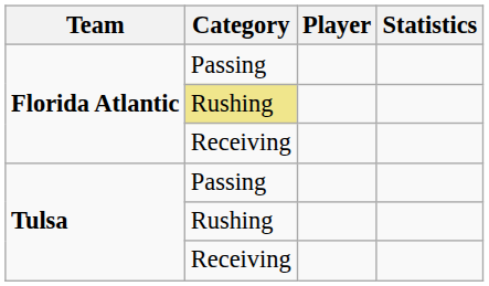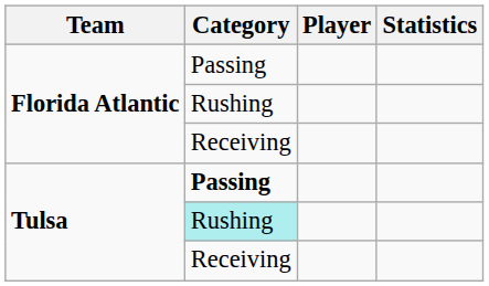 <table class="wikitable" style="float: right;">
 <tr>
 <th>Team</th>
 <th>Category</th>
 <th>Player</th>
 <th>Statistics</th>
 </tr>
 <tr>
 <td rowspan=3><strong>Florida Atlantic</strong></td>
 <td>Passing</td>
 <td></td>
 <td></td>
 </tr>
 <tr>
-<td style="background: khaki;">Rushing</td>
+<td>Rushing</td>
 <td></td>
 <td></td>
 </tr>
 <tr>
 <td>Receiving</td>
 <td></td>
 <td></td>
 </tr>
 <tr>
 <td rowspan=3><strong>Tulsa</strong></td>
-<td>Passing</td>
+<td><strong>Passing</strong></td>
 <td></td>
 <td></td>
 </tr>
 <tr>
-<td>Rushing</td>
+<td style="background: paleturquoise;">Rushing</td>
 <td></td>
 <td></td>
 </tr>
 <tr>
 <td>Receiving</td>
 <td></td>
 <td></td>
 </tr>
 </table>
